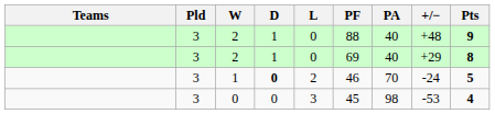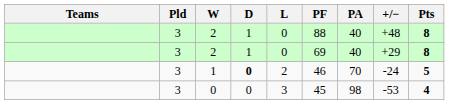 <table class="wikitable" style="text-align: center;">
 <tr>
 <th width="200">Teams</th>
 <th width="40">Pld</th>
 <th width="40">W</th>
 <th width="40">D</th>
 <th width="40">L</th>
 <th width="40">PF</th>
 <th width="40">PA</th>
 <th width="40">+/−</th>
 <th width="40">Pts</th>
 </tr>
 <tr bgcolor=ccffcc>
 <td align=left></td>
 <td>3</td>
 <td>2</td>
 <td>1</td>
 <td>0</td>
 <td>88</td>
 <td>40</td>
 <td>+48</td>
-<td><strong>9</strong></td>
+<td><strong>8</strong></td>
 </tr>
 <tr bgcolor=ccffcc>
 <td align=left></td>
 <td>3</td>
 <td>2</td>
 <td>1</td>
 <td>0</td>
 <td>69</td>
 <td>40</td>
 <td>+29</td>
 <td><strong>8</strong></td>
 </tr>
 <tr>
 <td align=left></td>
 <td>3</td>
 <td>1</td>
 <td><strong>0</strong></td>
 <td>2</td>
 <td>46</td>
 <td>70</td>
 <td>-24</td>
 <td><strong>5</strong></td>
 </tr>
 <tr>
 <td align=left></td>
 <td>3</td>
 <td>0</td>
 <td>0</td>
 <td>3</td>
 <td>45</td>
 <td>98</td>
 <td>-53</td>
 <td><strong>4</strong></td>
 </tr>
 </table>
